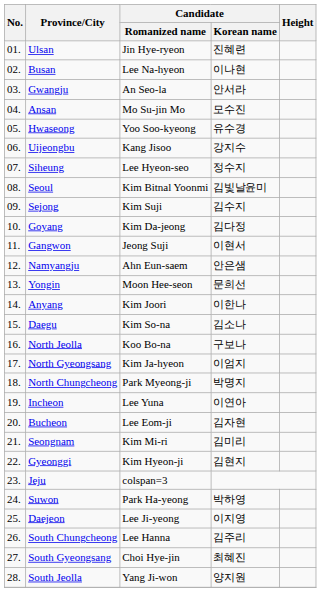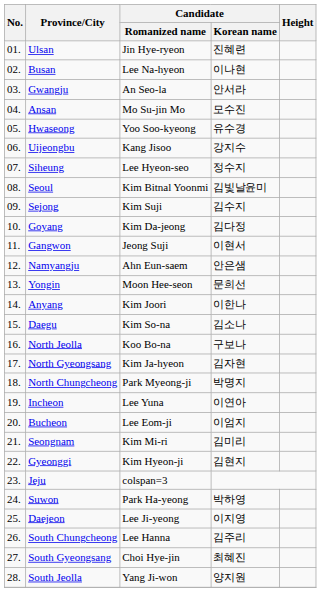 <table class="wikitable" style="font-size: 90%;">
 <tr>
 <th rowspan=2>No.</th>
 <th rowspan=2>Province/City</th>
 <th colspan=2>Candidate</th>
 <th rowspan=2>Height</th>
 </tr>
 <tr>
 <th>Romanized name</th>
 <th>Korean name</th>
 </tr>
 <tr>
 <td>01.</td>
 <td><a href='#'>Ulsan</a></td>
 <td>Jin Hye-ryeon</td>
 <td>진혜련</td>
 <td></td>
 </tr>
 <tr>
 <td>02.</td>
 <td><a href='#'>Busan</a></td>
 <td>Lee Na-hyeon</td>
 <td>이나현</td>
 <td></td>
 </tr>
 <tr>
 <td>03.</td>
 <td><a href='#'>Gwangju</a></td>
 <td>An Seo-la</td>
 <td>안서라</td>
 <td></td>
 </tr>
 <tr>
 <td>04.</td>
 <td><a href='#'>Ansan</a></td>
 <td>Mo Su-jin Mo</td>
 <td>모수진</td>
 <td></td>
 </tr>
 <tr>
 <td>05.</td>
 <td><a href='#'>Hwaseong</a></td>
 <td>Yoo Soo-kyeong</td>
 <td>유수경</td>
 <td></td>
 </tr>
 <tr>
 <td>06.</td>
 <td><a href='#'>Uijeongbu</a></td>
 <td>Kang Jisoo</td>
 <td>강지수</td>
 <td></td>
 </tr>
 <tr>
 <td>07.</td>
 <td><a href='#'>Siheung</a></td>
 <td>Lee Hyeon-seo</td>
 <td>정수지</td>
 <td></td>
 </tr>
 <tr>
 <td>08.</td>
 <td><a href='#'>Seoul</a></td>
 <td>Kim Bitnal Yoonmi</td>
 <td>김빛날윤미</td>
 <td></td>
 </tr>
 <tr>
 <td>09.</td>
 <td><a href='#'>Sejong</a></td>
 <td>Kim Suji</td>
 <td>김수지</td>
 <td></td>
 </tr>
 <tr>
 <td>10.</td>
 <td><a href='#'>Goyang</a></td>
 <td>Kim Da-jeong</td>
 <td>김다정</td>
 <td></td>
 </tr>
 <tr>
 <td>11.</td>
 <td><a href='#'>Gangwon</a></td>
 <td>Jeong Suji</td>
 <td>이현서</td>
 <td></td>
 </tr>
 <tr>
 <td>12.</td>
 <td><a href='#'>Namyangju</a></td>
 <td>Ahn Eun-saem</td>
 <td>안은샘</td>
 <td></td>
 </tr>
 <tr>
 <td>13.</td>
 <td><a href='#'>Yongin</a></td>
 <td>Moon Hee-seon</td>
 <td>문희선</td>
 <td></td>
 </tr>
 <tr>
 <td>14.</td>
 <td><a href='#'>Anyang</a></td>
 <td>Kim Joori</td>
 <td>이한나</td>
 <td></td>
 </tr>
 <tr>
 <td>15.</td>
 <td><a href='#'>Daegu</a></td>
 <td>Kim So-na</td>
 <td>김소나</td>
 <td></td>
 </tr>
 <tr>
 <td>16.</td>
 <td><a href='#'>North Jeolla</a></td>
 <td>Koo Bo-na</td>
 <td>구보나</td>
 <td></td>
 </tr>
 <tr>
 <td>17.</td>
 <td><a href='#'>North Gyeongsang</a></td>
 <td>Kim Ja-hyeon</td>
-<td>이엄지</td>
+<td>김자현</td>
 <td></td>
 </tr>
 <tr>
 <td>18.</td>
 <td><a href='#'>North Chungcheong</a></td>
 <td>Park Myeong-ji</td>
 <td>박명지</td>
 <td></td>
 </tr>
 <tr>
 <td>19.</td>
 <td><a href='#'>Incheon</a></td>
 <td>Lee Yuna</td>
 <td>이연아</td>
 <td></td>
 </tr>
 <tr>
 <td>20.</td>
 <td><a href='#'>Bucheon</a></td>
 <td>Lee Eom-ji</td>
-<td>김자현</td>
+<td>이엄지</td>
 <td></td>
 </tr>
 <tr>
 <td>21.</td>
 <td><a href='#'>Seongnam</a></td>
 <td>Kim Mi-ri</td>
 <td>김미리</td>
 <td></td>
 </tr>
 <tr>
 <td>22.</td>
 <td><a href='#'>Gyeonggi</a></td>
 <td>Kim Hyeon-ji</td>
 <td>김현지</td>
 <td></td>
 </tr>
 <tr>
 <td>23.</td>
 <td><a href='#'>Jeju</a></td>
 <td>colspan=3 </td>
 </tr>
 <tr>
 <td>24.</td>
 <td><a href='#'>Suwon</a></td>
 <td>Park Ha-yeong</td>
 <td>박하영</td>
 <td></td>
 </tr>
 <tr>
 <td>25.</td>
 <td><a href='#'>Daejeon</a></td>
 <td>Lee Ji-yeong</td>
 <td>이지영</td>
 <td></td>
 </tr>
 <tr>
 <td>26.</td>
 <td><a href='#'>South Chungcheong</a></td>
 <td>Lee Hanna</td>
 <td>김주리</td>
 <td></td>
 </tr>
 <tr>
 <td>27.</td>
 <td><a href='#'>South Gyeongsang</a></td>
 <td>Choi Hye-jin</td>
 <td>최혜진</td>
 <td></td>
 </tr>
 <tr>
 <td>28.</td>
 <td><a href='#'>South Jeolla</a></td>
 <td>Yang Ji-won</td>
 <td>양지원</td>
 <td></td>
 </tr>
 <tr>
 </tr>
 </table>
